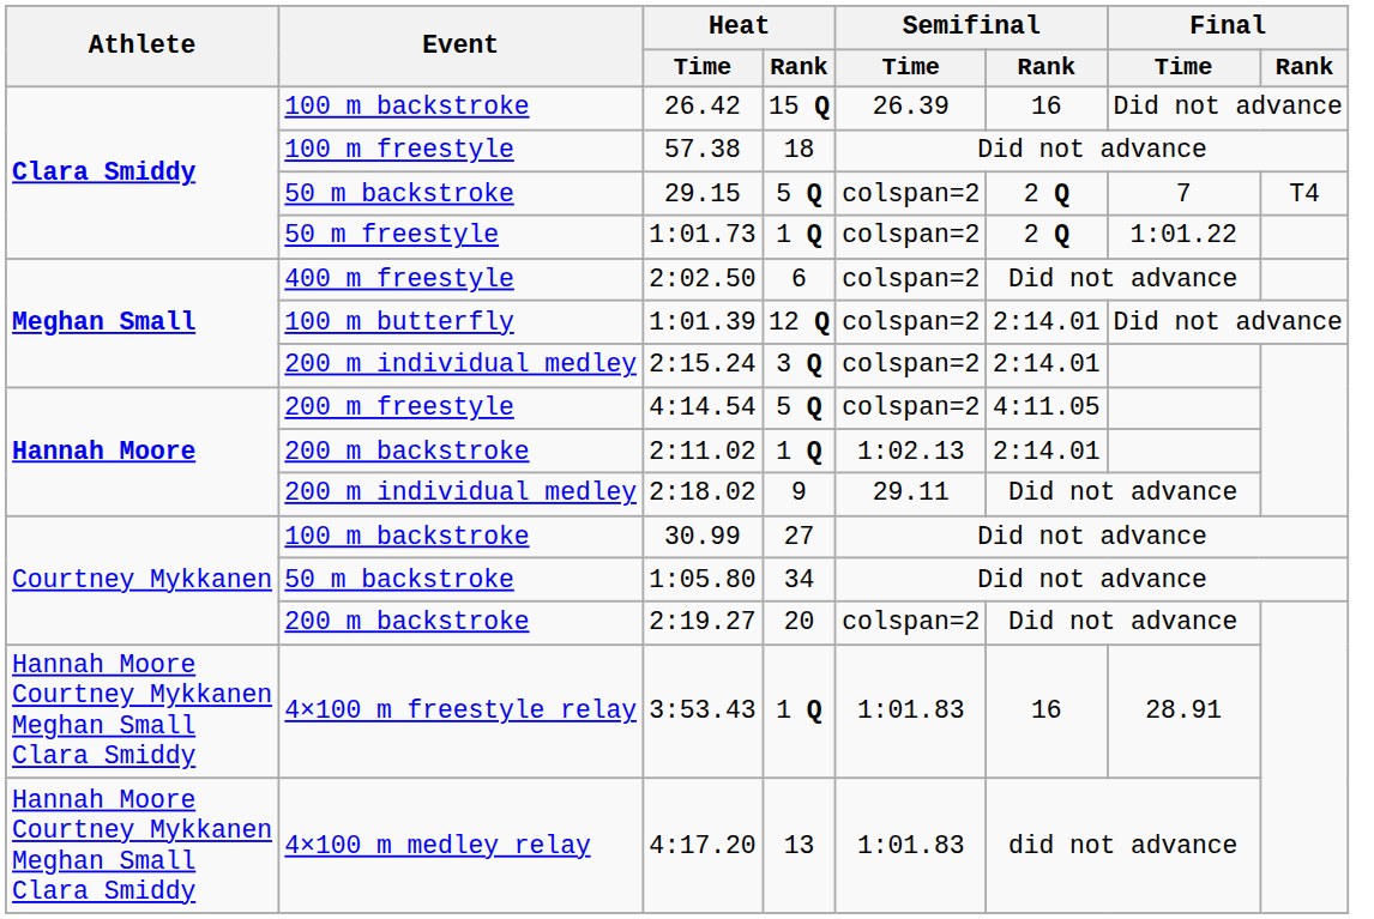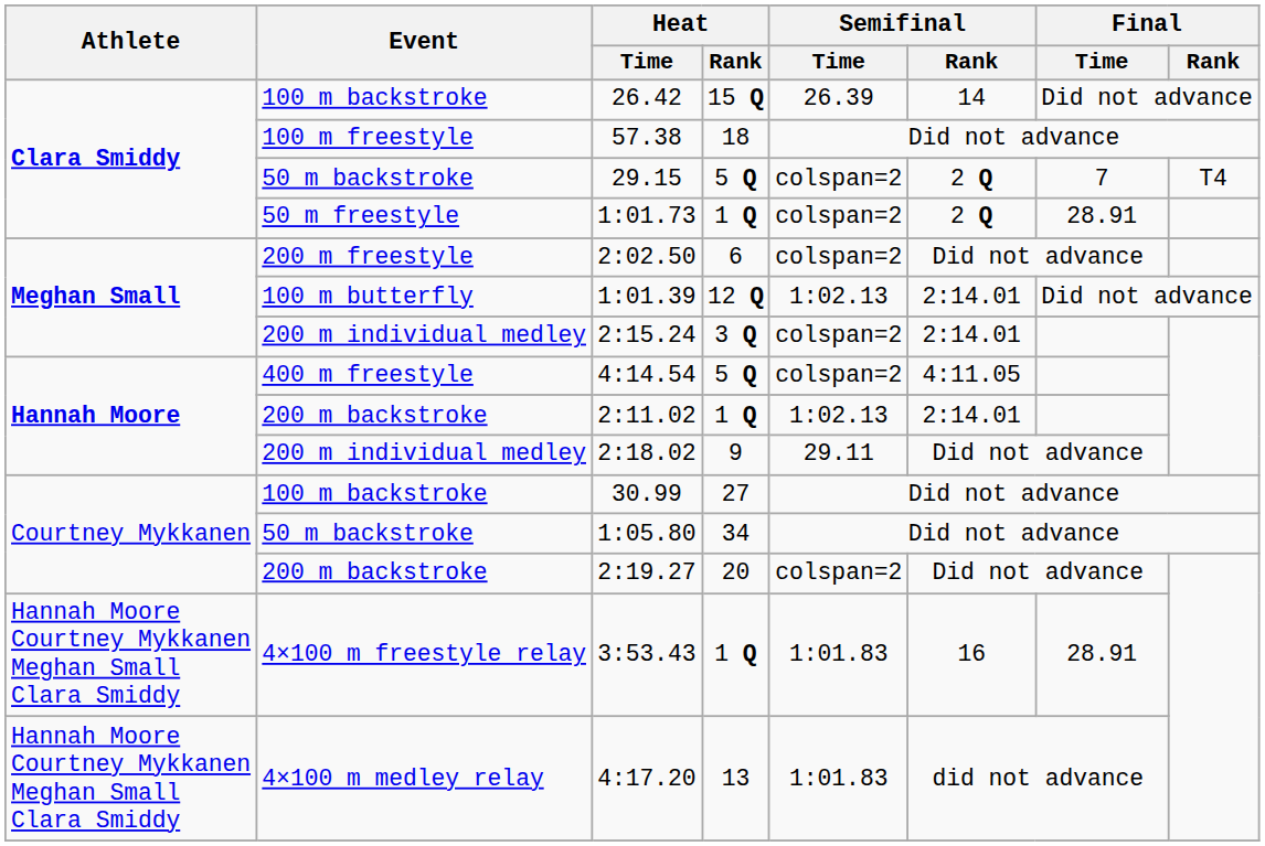 <table class=wikitable style="font-size:90%">
 <tr>
 <th rowspan=2>Athlete</th>
 <th rowspan=2>Event</th>
 <th colspan="2">Heat</th>
 <th colspan="2">Semifinal</th>
 <th colspan="2">Final</th>
 </tr>
 <tr style="font-size:95%">
 <th>Time</th>
 <th>Rank</th>
 <th>Time</th>
 <th>Rank</th>
 <th>Time</th>
 <th>Rank</th>
 </tr>
 <tr align=center>
 <td align=left rowspan=4><strong><a href='#'>Clara Smiddy</a></strong></td>
 <td align=left><a href='#'>100 m backstroke</a></td>
 <td>26.42</td>
 <td>15 <strong>Q</strong></td>
 <td>26.39</td>
-<td>16</td>
+<td>14</td>
 <td colspan=2>Did not advance</td>
 </tr>
 <tr align=center>
 <td align=left><a href='#'>100 m freestyle</a></td>
 <td>57.38</td>
 <td>18</td>
 <td colspan=4>Did not advance</td>
 </tr>
 <tr align=center>
 <td align=left><a href='#'>50 m backstroke</a></td>
 <td>29.15</td>
 <td>5 <strong>Q</strong></td>
 <td>colspan=2 </td>
 <td>2 <strong>Q</strong></td>
 <td>7</td>
 <td>T4</td>
 </tr>
 <tr align=center>
 <td align=left><a href='#'>50 m freestyle</a></td>
 <td>1:01.73</td>
 <td>1 <strong>Q</strong></td>
 <td>colspan=2 </td>
 <td>2 <strong>Q</strong></td>
-<td>1:01.22</td>
+<td>28.91</td>
 <td></td>
 </tr>
 <tr align=center>
 <td align=left rowspan=3><strong><a href='#'>Meghan Small</a></strong></td>
-<td align=left><a href='#'>400 m freestyle</a></td>
+<td align=left><a href='#'>200 m freestyle</a></td>
 <td>2:02.50</td>
 <td>6</td>
 <td>colspan=2 </td>
 <td colspan=2>Did not advance</td>
 </tr>
 <tr align=center>
 <td align=left><a href='#'>100 m butterfly</a></td>
 <td>1:01.39</td>
 <td>12 <strong>Q</strong></td>
-<td>colspan=2 </td>
+<td>1:02.13</td>
 <td>2:14.01</td>
 <td colspan=2>Did not advance</td>
 </tr>
 <tr align=center>
 <td align=left><a href='#'>200 m individual medley</a></td>
 <td>2:15.24</td>
 <td>3 <strong>Q</strong></td>
 <td>colspan=2 </td>
 <td>2:14.01</td>
 <td></td>
 </tr>
 <tr align=center>
 <td align=left rowspan=3><strong><a href='#'>Hannah Moore</a></strong></td>
-<td align=left><a href='#'>200 m freestyle</a></td>
+<td align=left><a href='#'>400 m freestyle</a></td>
 <td>4:14.54</td>
 <td>5 <strong>Q</strong></td>
 <td>colspan=2 </td>
 <td>4:11.05</td>
 <td></td>
 </tr>
 <tr align=center>
 <td align=left><a href='#'>200 m backstroke</a></td>
 <td>2:11.02</td>
 <td>1 <strong>Q</strong></td>
 <td>1:02.13</td>
 <td>2:14.01</td>
 <td></td>
 </tr>
 <tr align=center>
 <td align=left><a href='#'>200 m individual medley</a></td>
 <td>2:18.02</td>
 <td>9</td>
 <td>29.11</td>
 <td colspan=2>Did not advance</td>
 </tr>
 <tr align=center>
 <td align=left rowspan=3><a href='#'>Courtney Mykkanen</a></td>
 <td align=left><a href='#'>100 m backstroke</a></td>
 <td>30.99</td>
 <td>27</td>
 <td colspan=4>Did not advance</td>
 </tr>
 <tr align=center>
 <td align=left><a href='#'>50 m backstroke</a></td>
 <td>1:05.80</td>
 <td>34</td>
 <td colspan=4>Did not advance</td>
 </tr>
 <tr align=center>
 <td align=left><a href='#'>200 m backstroke</a></td>
 <td>2:19.27</td>
 <td>20</td>
 <td>colspan=2 </td>
 <td colspan=2>Did not advance</td>
 </tr>
 <tr align=center>
 <td align=left><a href='#'>Hannah Moore</a><br><a href='#'>Courtney Mykkanen</a><br><a href='#'>Meghan Small</a><br><a href='#'>Clara Smiddy</a></td>
 <td align=left><a href='#'>4×100 m freestyle relay</a></td>
 <td>3:53.43</td>
 <td>1 <strong>Q</strong></td>
 <td>1:01.83</td>
 <td>16</td>
 <td>28.91</td>
 </tr>
 <tr align=center>
 <td align=left><a href='#'>Hannah Moore</a><br><a href='#'>Courtney Mykkanen</a><br><a href='#'>Meghan Small</a><br><a href='#'>Clara Smiddy</a></td>
 <td align=left><a href='#'>4×100 m medley relay</a></td>
 <td>4:17.20</td>
 <td>13</td>
 <td>1:01.83</td>
 <td colspan=2>did not advance</td>
 </tr>
 </table>
